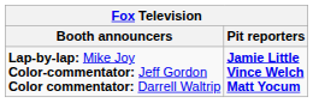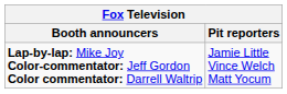 <table class="wikitable" style="font-size: 95%">
 <tr>
 <th colspan="2"><a href='#'>Fox</a> Television</th>
 </tr>
 <tr>
 <th>Booth announcers</th>
 <th>Pit reporters</th>
 </tr>
 <tr>
 <td><strong>Lap-by-lap:</strong> <a href='#'>Mike Joy</a><br><strong>Color-commentator:</strong> <a href='#'>Jeff Gordon</a><br><strong>Color commentator:</strong> <a href='#'>Darrell Waltrip</a></td>
-<td><strong><a href='#'>Jamie Little</a><br><a href='#'>Vince Welch</a><br><a href='#'>Matt Yocum</a></strong></td>
+<td><a href='#'>Jamie Little</a><br><a href='#'>Vince Welch</a><br><a href='#'>Matt Yocum</a></td>
 </tr>
 </table>
